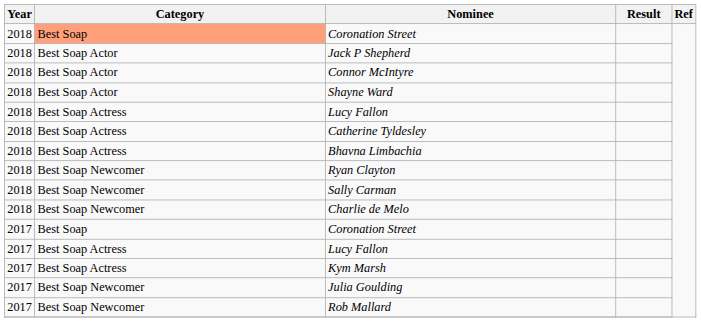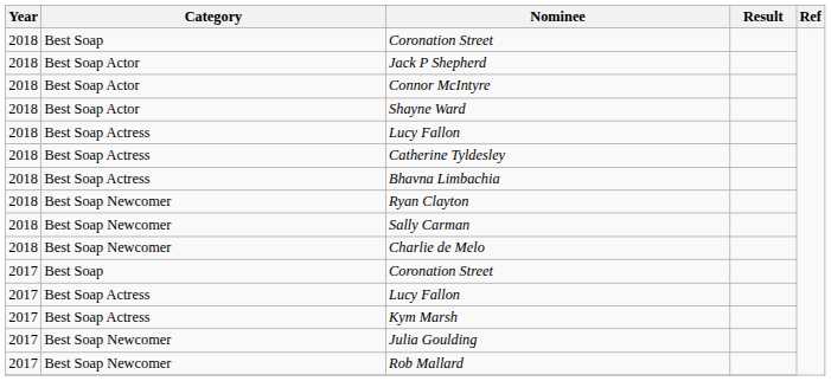 <table class="wikitable">
 <tr>
 <th>Year</th>
 <th width="370">Category</th>
 <th width="370">Nominee</th>
 <th width="65">Result</th>
 <th>Ref</th>
 </tr>
 <tr>
 <td>2018</td>
-<td style="background: lightsalmon;">Best Soap</td>
+<td>Best Soap</td>
 <td><em>Coronation Street</em></td>
 <td></td>
 </tr>
 <tr>
 <td>2018</td>
 <td>Best Soap Actor</td>
 <td><em>Jack P Shepherd</em></td>
 <td></td>
 </tr>
 <tr>
 <td>2018</td>
 <td>Best Soap Actor</td>
 <td><em>Connor McIntyre</em></td>
 <td></td>
 </tr>
 <tr>
 <td>2018</td>
 <td>Best Soap Actor</td>
 <td><em>Shayne Ward</em></td>
 <td></td>
 </tr>
 <tr>
 <td>2018</td>
 <td>Best Soap Actress</td>
 <td><em>Lucy Fallon</em></td>
 <td></td>
 </tr>
 <tr>
 <td>2018</td>
 <td>Best Soap Actress</td>
 <td><em>Catherine Tyldesley</em></td>
 <td></td>
 </tr>
 <tr>
 <td>2018</td>
 <td>Best Soap Actress</td>
 <td><em>Bhavna Limbachia</em></td>
 <td></td>
 </tr>
 <tr>
 <td>2018</td>
 <td>Best Soap Newcomer</td>
 <td><em>Ryan Clayton</em></td>
 <td></td>
 </tr>
 <tr>
 <td>2018</td>
 <td>Best Soap Newcomer</td>
 <td><em>Sally Carman</em></td>
 <td></td>
 </tr>
 <tr>
 <td>2018</td>
 <td>Best Soap Newcomer</td>
 <td><em>Charlie de Melo</em></td>
 <td></td>
 </tr>
 <tr>
 <td>2017</td>
 <td>Best Soap</td>
 <td><em>Coronation Street</em></td>
 <td></td>
 </tr>
 <tr>
 <td>2017</td>
 <td>Best Soap Actress</td>
 <td><em>Lucy Fallon</em></td>
 <td></td>
 </tr>
 <tr>
 <td>2017</td>
 <td>Best Soap Actress</td>
 <td><em>Kym Marsh</em></td>
 <td></td>
 </tr>
 <tr>
 <td>2017</td>
 <td>Best Soap Newcomer</td>
 <td><em>Julia Goulding</em></td>
 <td></td>
 </tr>
 <tr>
 <td>2017</td>
 <td>Best Soap Newcomer</td>
 <td><em>Rob Mallard</em></td>
 <td></td>
 </tr>
 <tr>
 </tr>
 </table>
